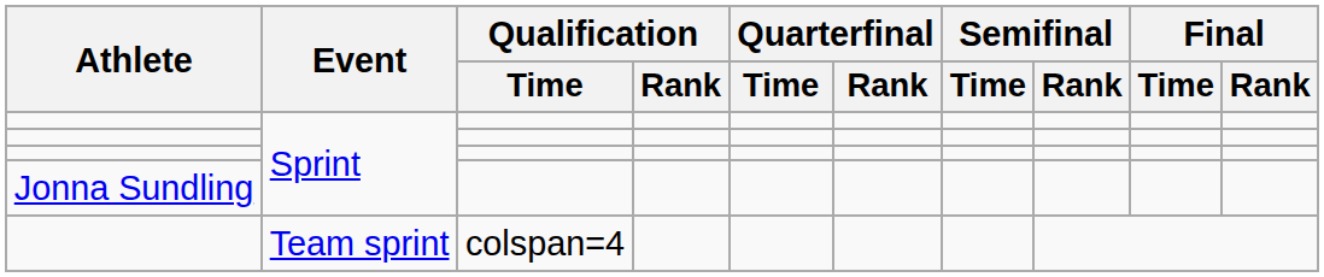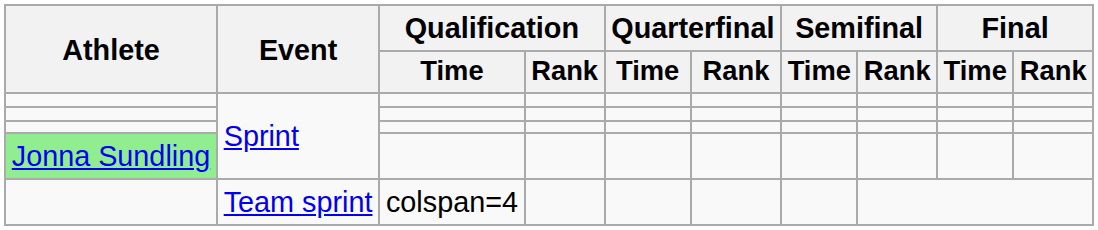 <table class="wikitable" style="font-size:90%">
 <tr>
 <th rowspan="2">Athlete</th>
 <th rowspan="2">Event</th>
 <th colspan="2">Qualification</th>
 <th colspan="2">Quarterfinal</th>
 <th colspan="2">Semifinal</th>
 <th colspan="2">Final</th>
 </tr>
 <tr style="font-size:95%">
 <th>Time</th>
 <th>Rank</th>
 <th>Time</th>
 <th>Rank</th>
 <th>Time</th>
 <th>Rank</th>
 <th>Time</th>
 <th>Rank</th>
 </tr>
 <tr align=center>
 <td align=left></td>
 <td align=left rowspan=4><a href='#'>Sprint</a></td>
 <td></td>
 <td></td>
 <td></td>
 <td></td>
 <td></td>
 <td></td>
 <td></td>
 <td></td>
 </tr>
 <tr align=center>
 <td align=left></td>
 <td></td>
 <td></td>
 <td></td>
 <td></td>
 <td></td>
 <td></td>
 <td></td>
 <td></td>
 </tr>
 <tr align=center>
 <td align=left></td>
 <td></td>
 <td></td>
 <td></td>
 <td></td>
 <td></td>
 <td></td>
 <td></td>
 <td></td>
 </tr>
 <tr align=center>
-<td align=left><a href='#'>Jonna Sundling</a></td>
+<td align=left style="background: lightgreen;"><a href='#'>Jonna Sundling</a></td>
 <td></td>
 <td></td>
 <td></td>
 <td></td>
 <td></td>
 <td></td>
 <td></td>
 <td></td>
 </tr>
 <tr align=center>
 <td align=left><br></td>
 <td align=left><a href='#'>Team sprint</a></td>
 <td>colspan=4 </td>
 <td></td>
 <td></td>
 <td></td>
 <td></td>
 </tr>
 </table>
